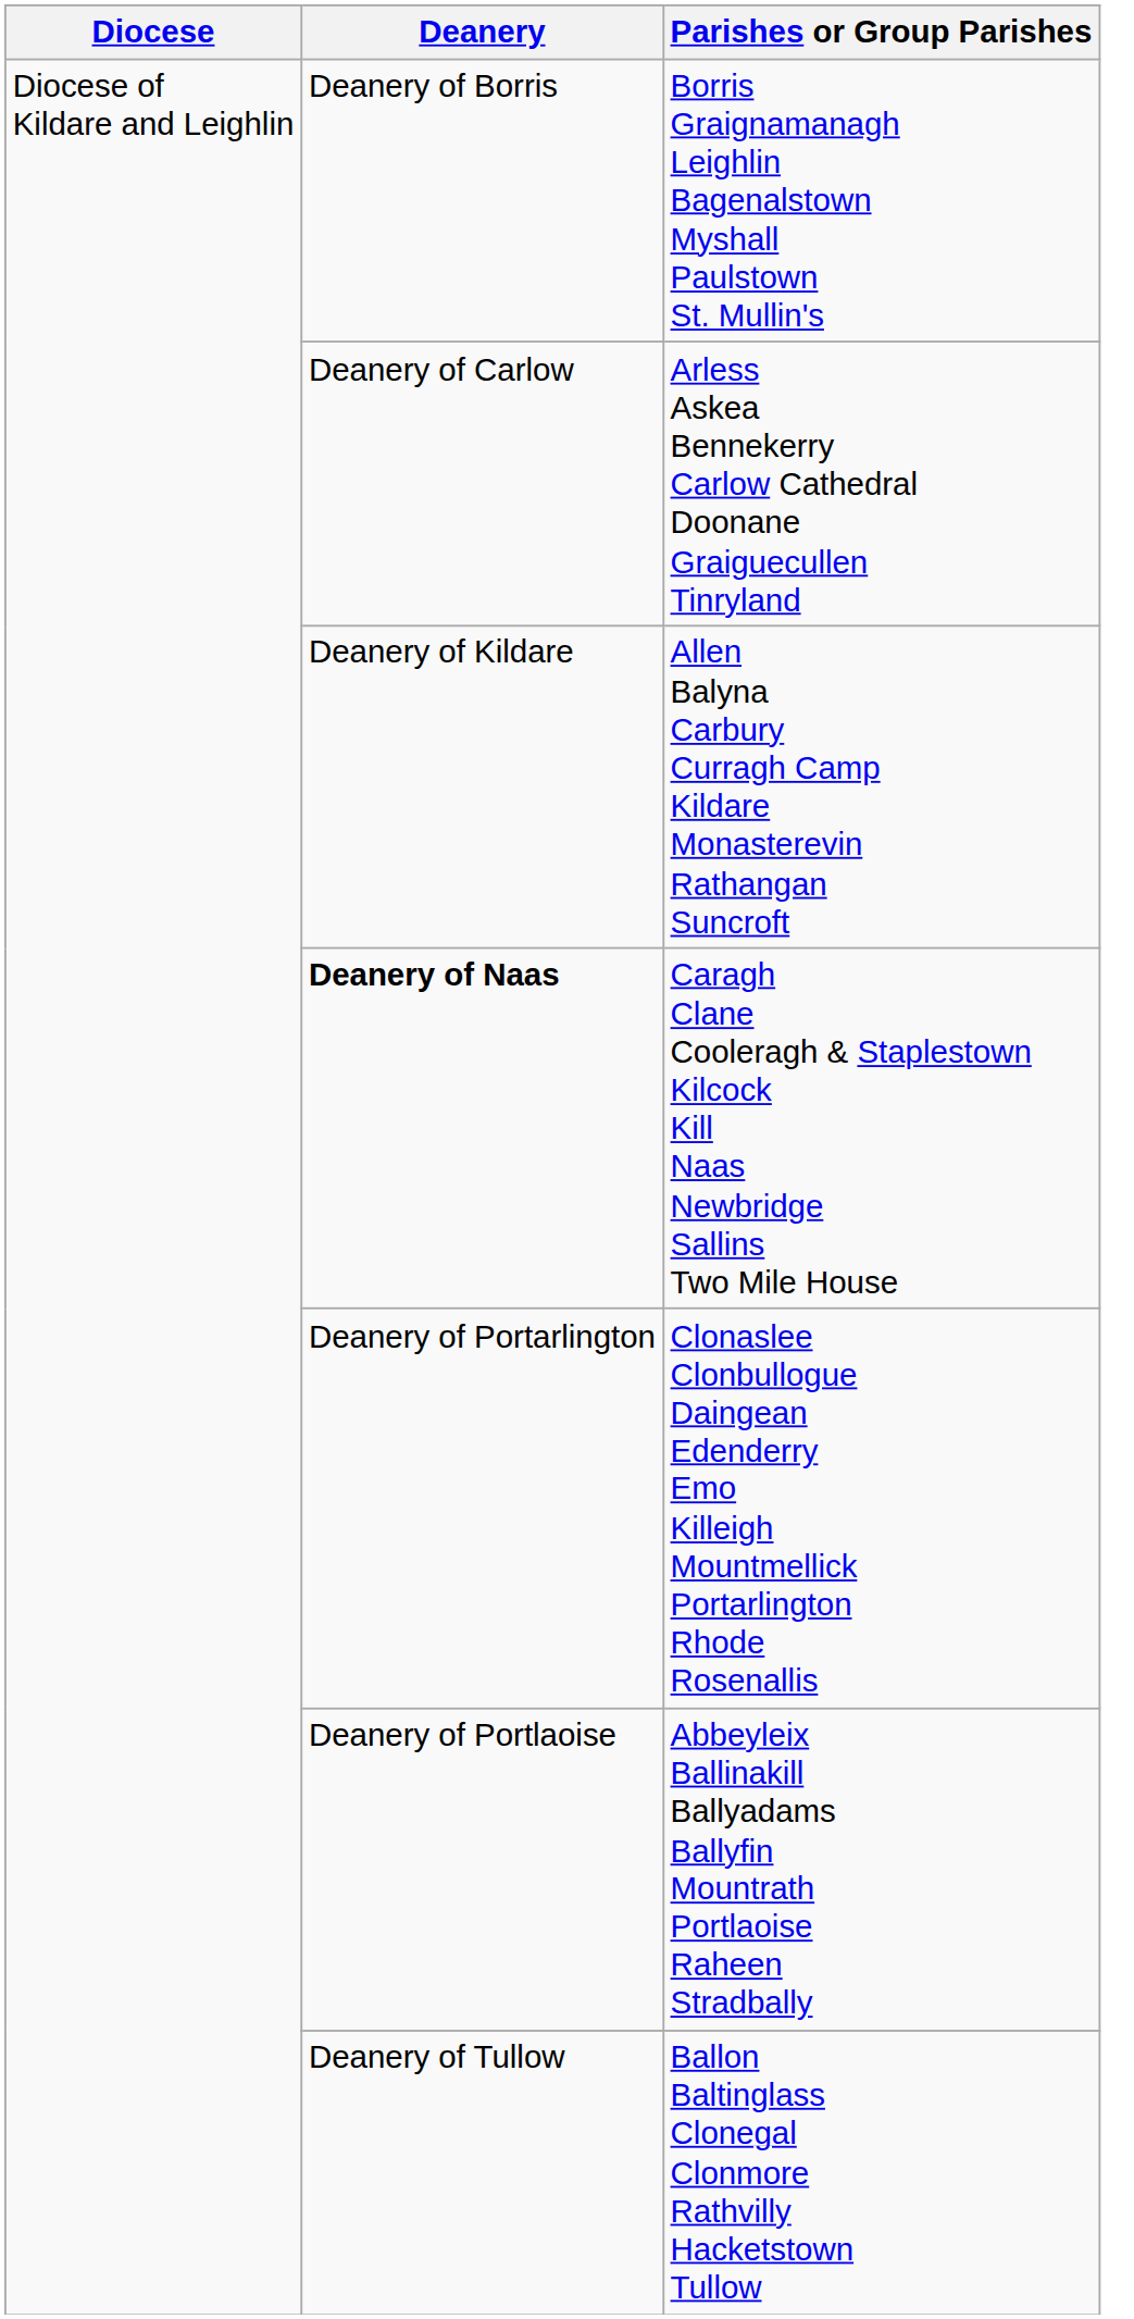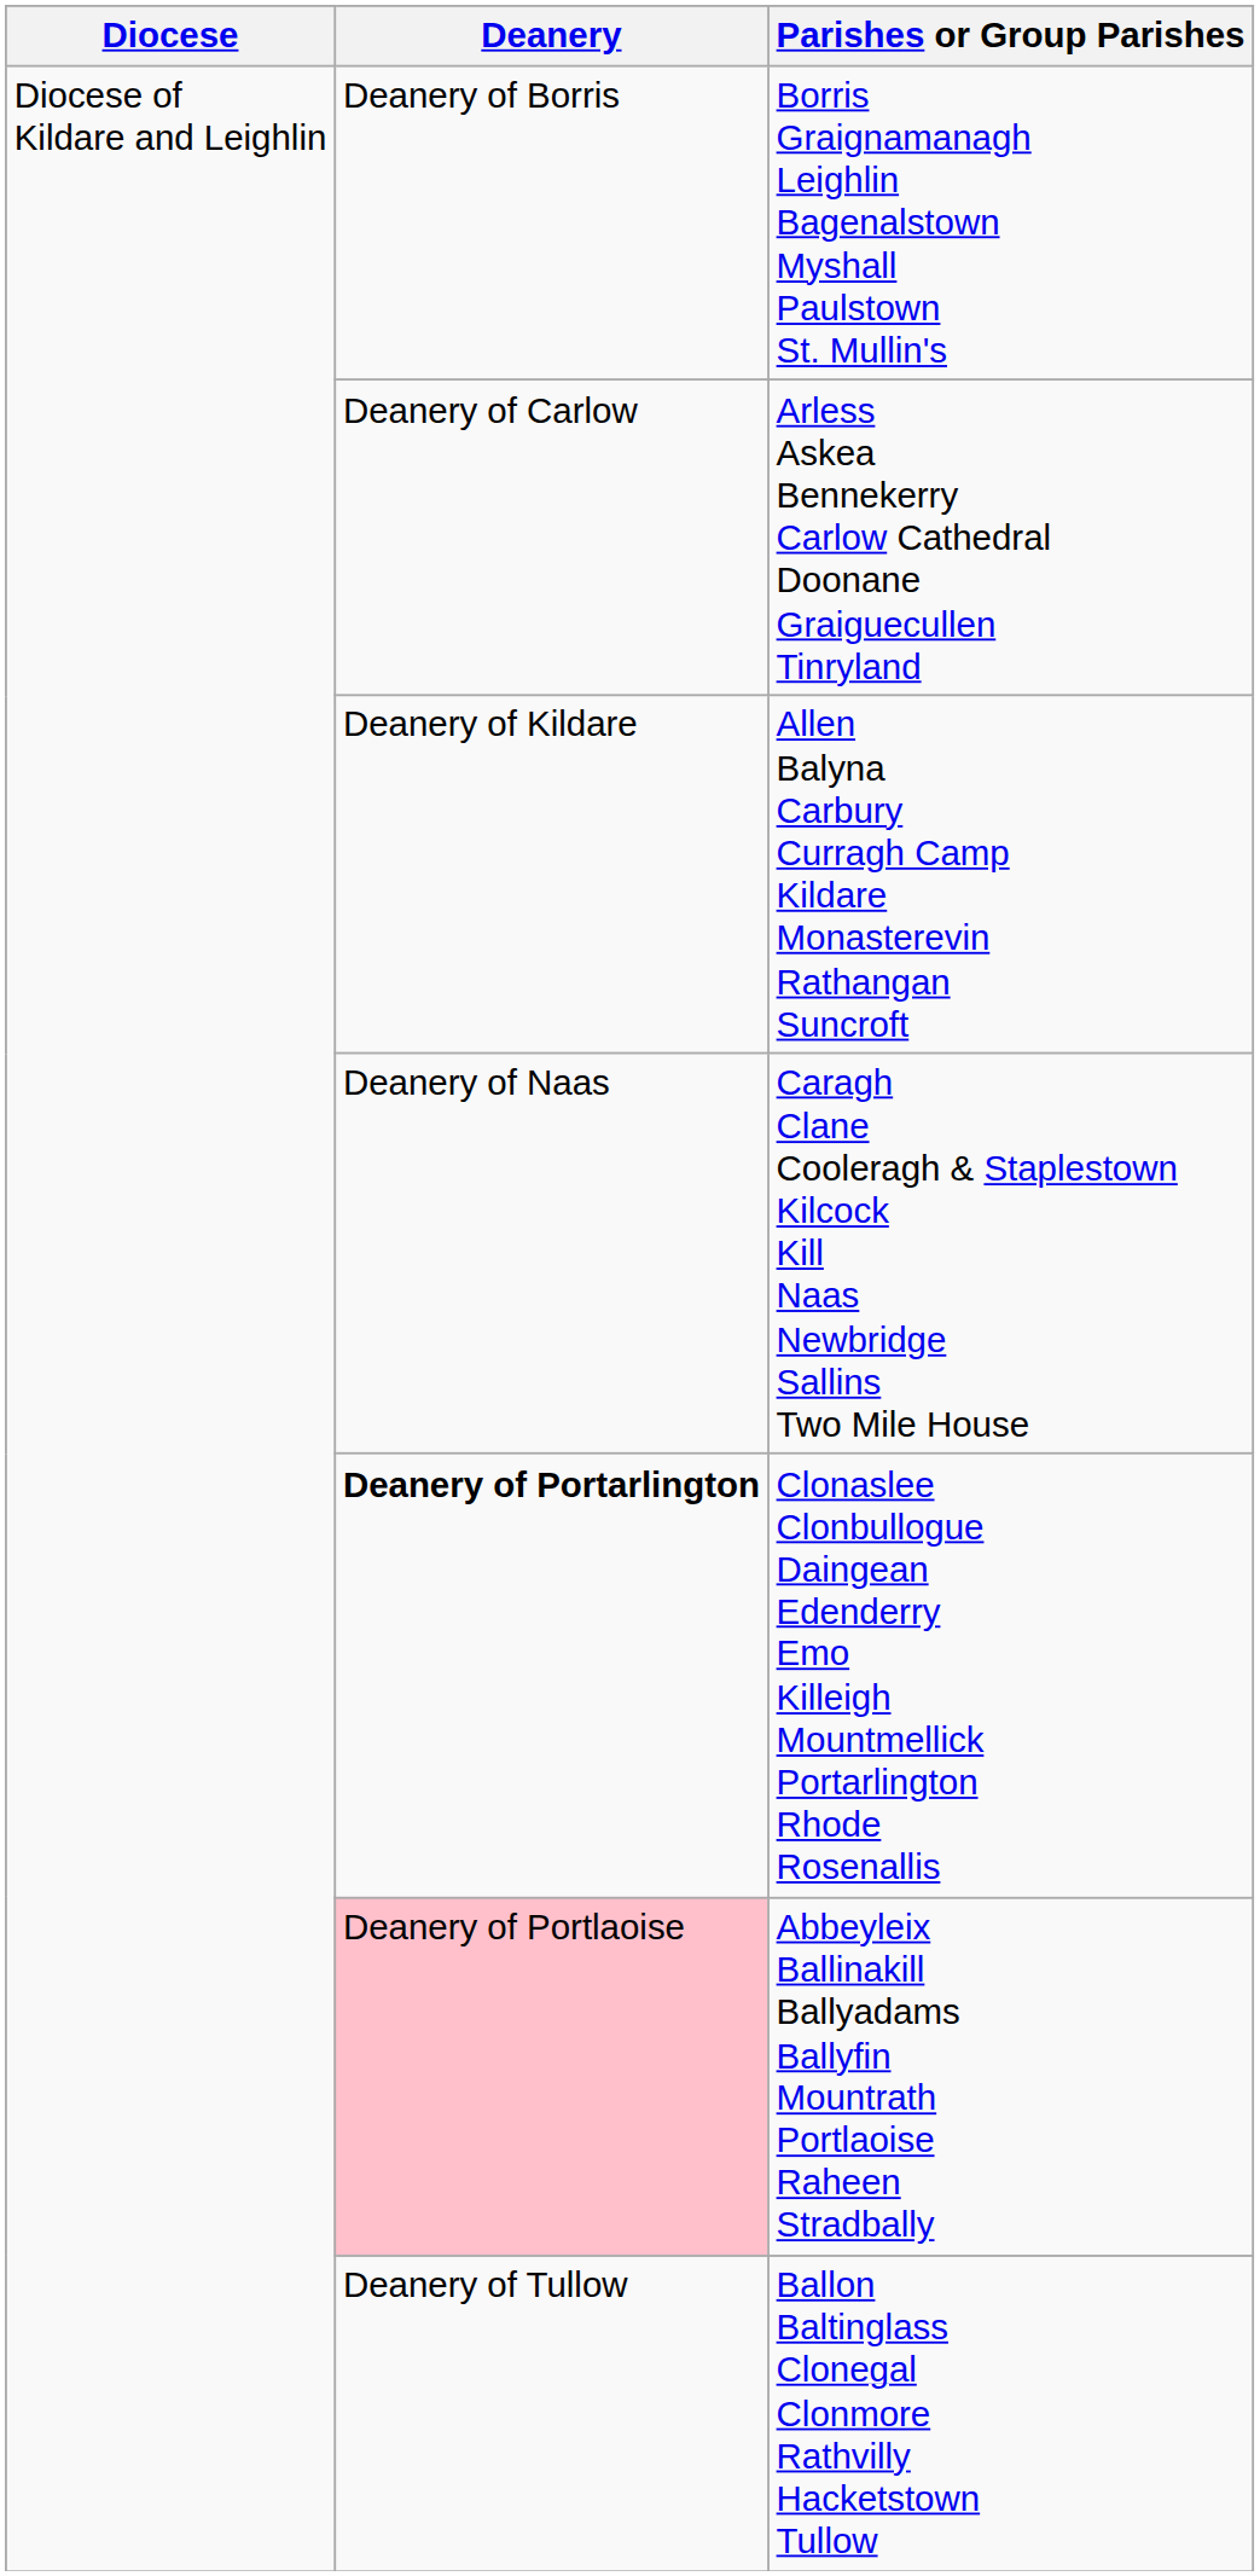 <table class="wikitable" style="line-height:120%;">
 <tr>
 <th><a href='#'>Diocese</a></th>
 <th><a href='#'>Deanery</a></th>
 <th><a href='#'>Parishes</a> or Group Parishes</th>
 </tr>
 <tr valign=top>
 <td rowspan=7>Diocese of <br>Kildare and Leighlin</td>
 <td>Deanery of Borris</td>
 <td><a href='#'>Borris</a><br> <a href='#'>Graignamanagh</a><br> <a href='#'>Leighlin</a><br> <a href='#'>Bagenalstown</a> <br> <a href='#'>Myshall</a><br> <a href='#'>Paulstown</a><br> <a href='#'>St. Mullin's</a></td>
 </tr>
 <tr valign=top>
 <td>Deanery of Carlow</td>
 <td><a href='#'>Arless</a><br> Askea<br> Bennekerry<br> <a href='#'>Carlow</a> Cathedral<br> Doonane<br> <a href='#'>Graiguecullen</a><br> <a href='#'>Tinryland</a></td>
 </tr>
 <tr valign=top>
 <td>Deanery of Kildare</td>
 <td><a href='#'>Allen</a><br> Balyna<br> <a href='#'>Carbury</a><br> <a href='#'>Curragh Camp</a><br> <a href='#'>Kildare</a><br> <a href='#'>Monasterevin</a><br> <a href='#'>Rathangan</a><br> <a href='#'>Suncroft</a></td>
 </tr>
 <tr valign=top>
-<td><strong>Deanery of Naas</strong></td>
+<td>Deanery of Naas</td>
 <td><a href='#'>Caragh</a><br> <a href='#'>Clane</a><br> Cooleragh & <a href='#'>Staplestown</a><br> <a href='#'>Kilcock</a><br> <a href='#'>Kill</a><br> <a href='#'>Naas</a><br> <a href='#'>Newbridge</a><br> <a href='#'>Sallins</a><br> Two Mile House</td>
 </tr>
 <tr valign=top>
-<td>Deanery of Portarlington</td>
+<td><strong>Deanery of Portarlington</strong></td>
 <td><a href='#'>Clonaslee</a><br> <a href='#'>Clonbullogue</a><br> <a href='#'>Daingean</a><br> <a href='#'>Edenderry</a><br> <a href='#'>Emo</a><br> <a href='#'>Killeigh</a><br> <a href='#'>Mountmellick</a><br> <a href='#'>Portarlington</a><br> <a href='#'>Rhode</a><br> <a href='#'>Rosenallis</a></td>
 </tr>
 <tr valign=top>
-<td>Deanery of Portlaoise</td>
+<td style="background: pink;">Deanery of Portlaoise</td>
 <td><a href='#'>Abbeyleix</a><br> <a href='#'>Ballinakill</a><br> Ballyadams<br> <a href='#'>Ballyfin</a><br> <a href='#'>Mountrath</a><br> <a href='#'>Portlaoise</a><br> <a href='#'>Raheen</a><br> <a href='#'>Stradbally</a></td>
 </tr>
 <tr valign=top>
 <td>Deanery of Tullow</td>
 <td><a href='#'>Ballon</a><br> <a href='#'>Baltinglass</a><br> <a href='#'>Clonegal</a><br> <a href='#'>Clonmore</a><br> <a href='#'>Rathvilly</a><br> <a href='#'>Hacketstown</a><br> <a href='#'>Tullow</a></td>
 </tr>
 </table>
